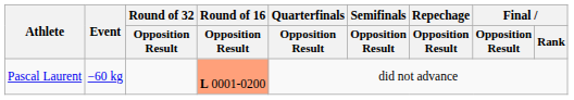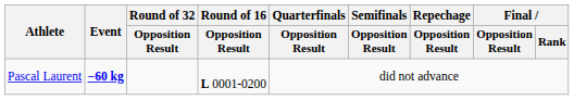 <table class="wikitable" style="font-size:90%;">
 <tr>
 <th rowspan=2>Athlete</th>
 <th rowspan=2>Event</th>
 <th>Round of 32</th>
 <th>Round of 16</th>
 <th>Quarterfinals</th>
 <th>Semifinals</th>
 <th>Repechage</th>
 <th colspan=2>Final / </th>
 </tr>
 <tr style="font-size:95%">
 <th>Opposition<br>Result</th>
 <th>Opposition<br>Result</th>
 <th>Opposition<br>Result</th>
 <th>Opposition<br>Result</th>
 <th>Opposition<br>Result</th>
 <th>Opposition<br>Result</th>
 <th>Rank</th>
 </tr>
 <tr align=center>
 <td align=left><a href='#'>Pascal Laurent</a></td>
-<td align=left><a href='#'>−60 kg</a></td>
+<td align=left><strong><a href='#'>−60 kg</a></strong></td>
 <td></td>
-<td style="background: lightsalmon;"><br><strong>L</strong> 0001-0200</td>
+<td><br><strong>L</strong> 0001-0200</td>
 <td colspan=5>did not advance</td>
 </tr>
 </table>
